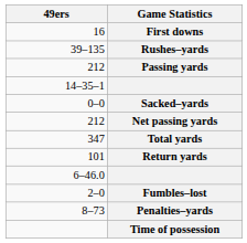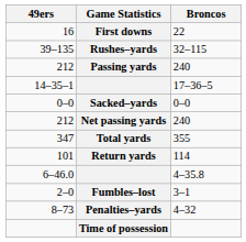 <table class="wikitable" style="margin: 1em auto 1em auto">
 <tr>
 <th style="width:30%;">49ers</th>
 <th style="width:40%;">Game Statistics</th>
+<th style="width:30%;">Broncos</th>
 </tr>
 <tr>
 <td style="text-align:right;">16</td>
 <th>First downs</th>
+<td>22</td>
 </tr>
 <tr>
 <td style="text-align:right;">39–135</td>
 <th>Rushes–yards</th>
+<td>32–115</td>
 </tr>
 <tr>
 <td style="text-align:right;">212</td>
 <th>Passing yards</th>
+<td>240</td>
 </tr>
 <tr>
 <td style="text-align:right;">14–35–1</td>
 <th></th>
+<td>17–36–5</td>
 </tr>
 <tr>
 <td style="text-align:right;">0–0</td>
 <th>Sacked–yards</th>
+<td>0–0</td>
 </tr>
 <tr>
 <td style="text-align:right;">212</td>
 <th>Net passing yards</th>
+<td>240</td>
 </tr>
 <tr>
 <td style="text-align:right;">347</td>
 <th>Total yards</th>
+<td>355</td>
 </tr>
 <tr>
 <td style="text-align:right;">101</td>
 <th>Return yards</th>
+<td>114</td>
 </tr>
 <tr>
 <td style="text-align:right;">6–46.0</td>
 <th></th>
+<td>4–35.8</td>
 </tr>
 <tr>
 <td style="text-align:right;">2–0</td>
 <th>Fumbles–lost</th>
+<td>3–1</td>
 </tr>
 <tr>
 <td style="text-align:right;">8–73</td>
 <th>Penalties–yards</th>
+<td>4–32</td>
 </tr>
 <tr>
 <td style="text-align:right;"></td>
 <th>Time of possession</th>
+<td></td>
 </tr>
 </table>
